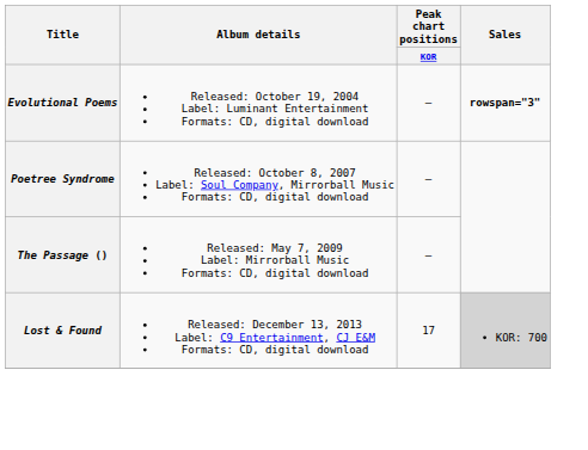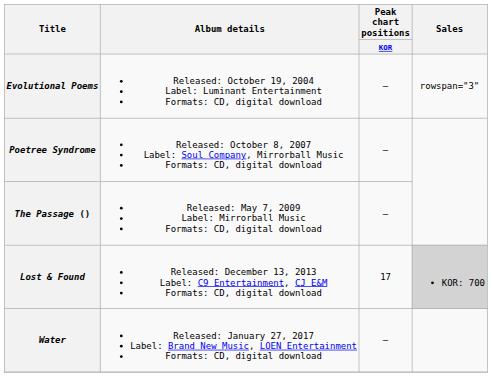 <table class="wikitable plainrowheaders" style="text-align:center;">
 <tr>
 <th scope="col" rowspan="2">Title</th>
 <th scope="col" rowspan="2">Album details</th>
 <th scope="col" colspan="1" style="width:5em;">Peak chart positions</th>
 <th scope="col" rowspan="2">Sales</th>
 </tr>
 <tr>
 <th><small><a href='#'>KOR</a></small><br></th>
 </tr>
 <tr>
 <th scope="row"><em>Evolutional Poems</em></th>
 <td><br><ul><li>Released: October 19, 2004</li><li>Label: Luminant Entertainment</li><li>Formats: CD, digital download</li></ul></td>
 <td>—</td>
-<td><strong>rowspan="3" </strong></td>
+<td>rowspan="3" </td>
 </tr>
 <tr>
 <th scope="row"><em>Poetree Syndrome</em></th>
 <td><br><ul><li>Released: October 8, 2007</li><li>Label: <a href='#'>Soul Company</a>, Mirrorball Music</li><li>Formats: CD, digital download</li></ul></td>
 <td>—</td>
 </tr>
 <tr>
 <th scope="row"><em>The Passage</em> ()</th>
 <td><br><ul><li>Released: May 7, 2009</li><li>Label: Mirrorball Music</li><li>Formats: CD, digital download</li></ul></td>
 <td>—</td>
 </tr>
 <tr>
 <th scope="row"><em>Lost & Found</em></th>
 <td><br><ul><li>Released: December 13, 2013</li><li>Label: <a href='#'>C9 Entertainment</a>, <a href='#'>CJ E&M</a></li><li>Formats: CD, digital download</li></ul></td>
 <td>17</td>
 <td style="background: lightgrey;"><br><ul><li>KOR: 700</li></ul></td>
 </tr>
 <tr>
+<th scope="row"><em>Water</em></th>
+<td><br><ul><li>Released: January 27, 2017</li><li>Label: <a href='#'>Brand New Music</a>, <a href='#'>LOEN Entertainment</a></li><li>Formats: CD, digital download</li></ul></td>
+<td>—</td>
+<td></td>
+</tr>
+<tr>
 </tr>
 </table>
